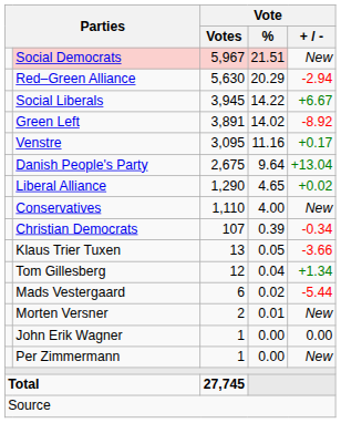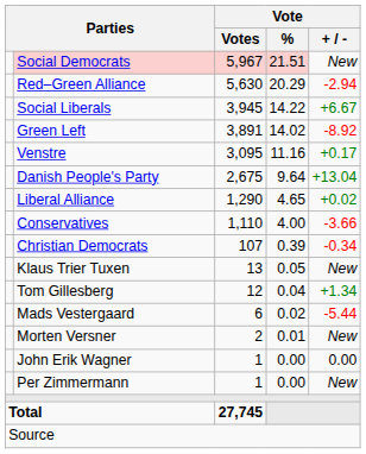 <table class="wikitable" style="text-align:right;">
 <tr>
 <th style="text-align:centre;" rowspan="2" colspan="2" width="225">Parties</th>
 <th colspan="3">Vote</th>
 </tr>
 <tr>
 <th width="15">Votes</th>
 <th width="15">%</th>
 <th width="15">+ / -</th>
 </tr>
 <tr>
 <td width="2" style="color:inherit;background:"></td>
 <td bgcolor=#fbd0ce  align="left"><a href='#'>Social Democrats</a></td>
 <td bgcolor=#fbd0ce>5,967</td>
 <td bgcolor=#fbd0ce>21.51</td>
 <td><em>New</em></td>
 </tr>
 <tr>
 <td width="2" style="color:inherit;background:"></td>
 <td align="left"><a href='#'>Red–Green Alliance</a></td>
 <td>5,630</td>
 <td>20.29</td>
 <td style=color:red;>-2.94</td>
 </tr>
 <tr>
 <td width="2" style="color:inherit;background:"></td>
 <td align="left"><a href='#'>Social Liberals</a></td>
 <td>3,945</td>
 <td>14.22</td>
 <td style=color:green;>+6.67</td>
 </tr>
 <tr>
 <td width="2" style="color:inherit;background:"></td>
 <td align="left"><a href='#'>Green Left</a></td>
 <td>3,891</td>
 <td>14.02</td>
 <td style=color:red;>-8.92</td>
 </tr>
 <tr>
 <td width="2" style="color:inherit;background:"></td>
 <td align="left"><a href='#'>Venstre</a></td>
 <td>3,095</td>
 <td>11.16</td>
 <td style=color:green;>+0.17</td>
 </tr>
 <tr>
 <td width="2" style="color:inherit;background:"></td>
 <td align="left"><a href='#'>Danish People's Party</a></td>
 <td>2,675</td>
 <td>9.64</td>
 <td style=color:green;>+13.04</td>
 </tr>
 <tr>
 <td width="2" style="color:inherit;background:"></td>
 <td align="left"><a href='#'>Liberal Alliance</a></td>
 <td>1,290</td>
 <td>4.65</td>
 <td style=color:green;>+0.02</td>
 </tr>
 <tr>
 <td width="2" style="color:inherit;background:"></td>
 <td align="left"><a href='#'>Conservatives</a></td>
 <td>1,110</td>
 <td>4.00</td>
-<td><em>New</em></td>
+<td style=color:red;>-3.66</td>
 </tr>
 <tr>
 <td width="2" style="color:inherit;background:"></td>
 <td align="left"><a href='#'>Christian Democrats</a></td>
 <td>107</td>
 <td>0.39</td>
 <td style=color:red;>-0.34</td>
 </tr>
 <tr>
 <td width="2" style="color:inherit;background:"></td>
 <td align="left">Klaus Trier Tuxen</td>
 <td>13</td>
 <td>0.05</td>
-<td style=color:red;>-3.66</td>
+<td><em>New</em></td>
 </tr>
 <tr>
 <td width="2" style="color:inherit;background:"></td>
 <td align="left">Tom Gillesberg</td>
 <td>12</td>
 <td>0.04</td>
 <td style=color:green;>+1.34</td>
 </tr>
 <tr>
 <td width="2" style="color:inherit;background:"></td>
 <td align="left">Mads Vestergaard</td>
 <td>6</td>
 <td>0.02</td>
 <td style=color:red;>-5.44</td>
 </tr>
 <tr>
 <td width="2" style="color:inherit;background:"></td>
 <td align="left">Morten Versner</td>
 <td>2</td>
 <td>0.01</td>
 <td><em>New</em></td>
 </tr>
 <tr>
 <td width="2" style="color:inherit;background:"></td>
 <td align="left">John Erik Wagner</td>
 <td>1</td>
 <td>0.00</td>
 <td>0.00</td>
 </tr>
 <tr>
 <td width="2" style="color:inherit;background:"></td>
 <td align="left">Per Zimmermann</td>
 <td>1</td>
 <td>0.00</td>
 <td><em>New</em></td>
 </tr>
 <tr>
 <td colspan="7" bgcolor="#E9E9E9"></td>
 </tr>
 <tr>
 <td align="left" colspan="2"><strong>Total</strong></td>
 <td><strong>27,745</strong></td>
 <td bgcolor="#E9E9E9" colspan="2"></td>
 </tr>
 <tr>
 <td align="left" colspan="6">Source</td>
 </tr>
 </table>
